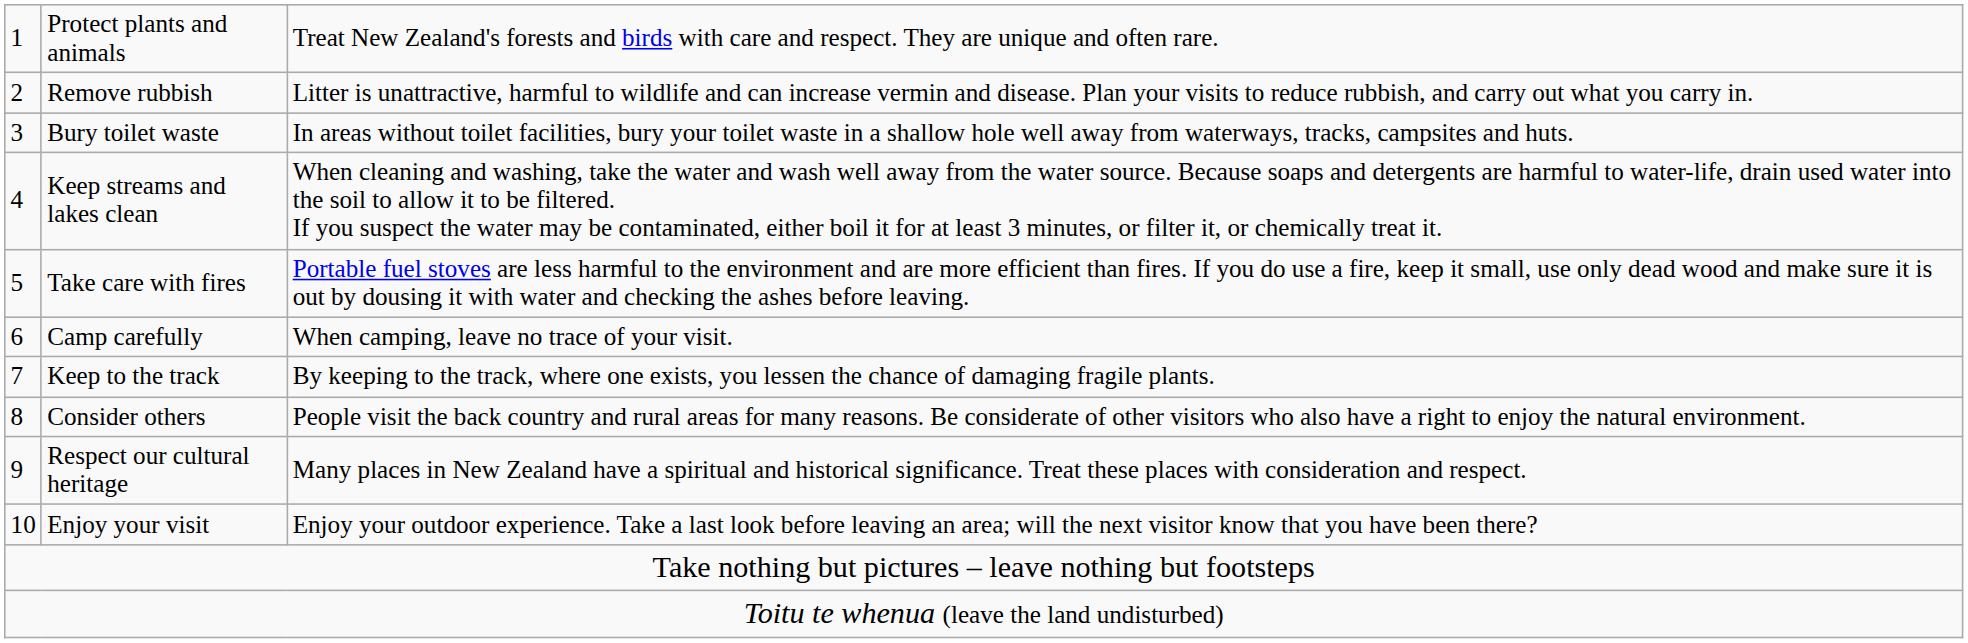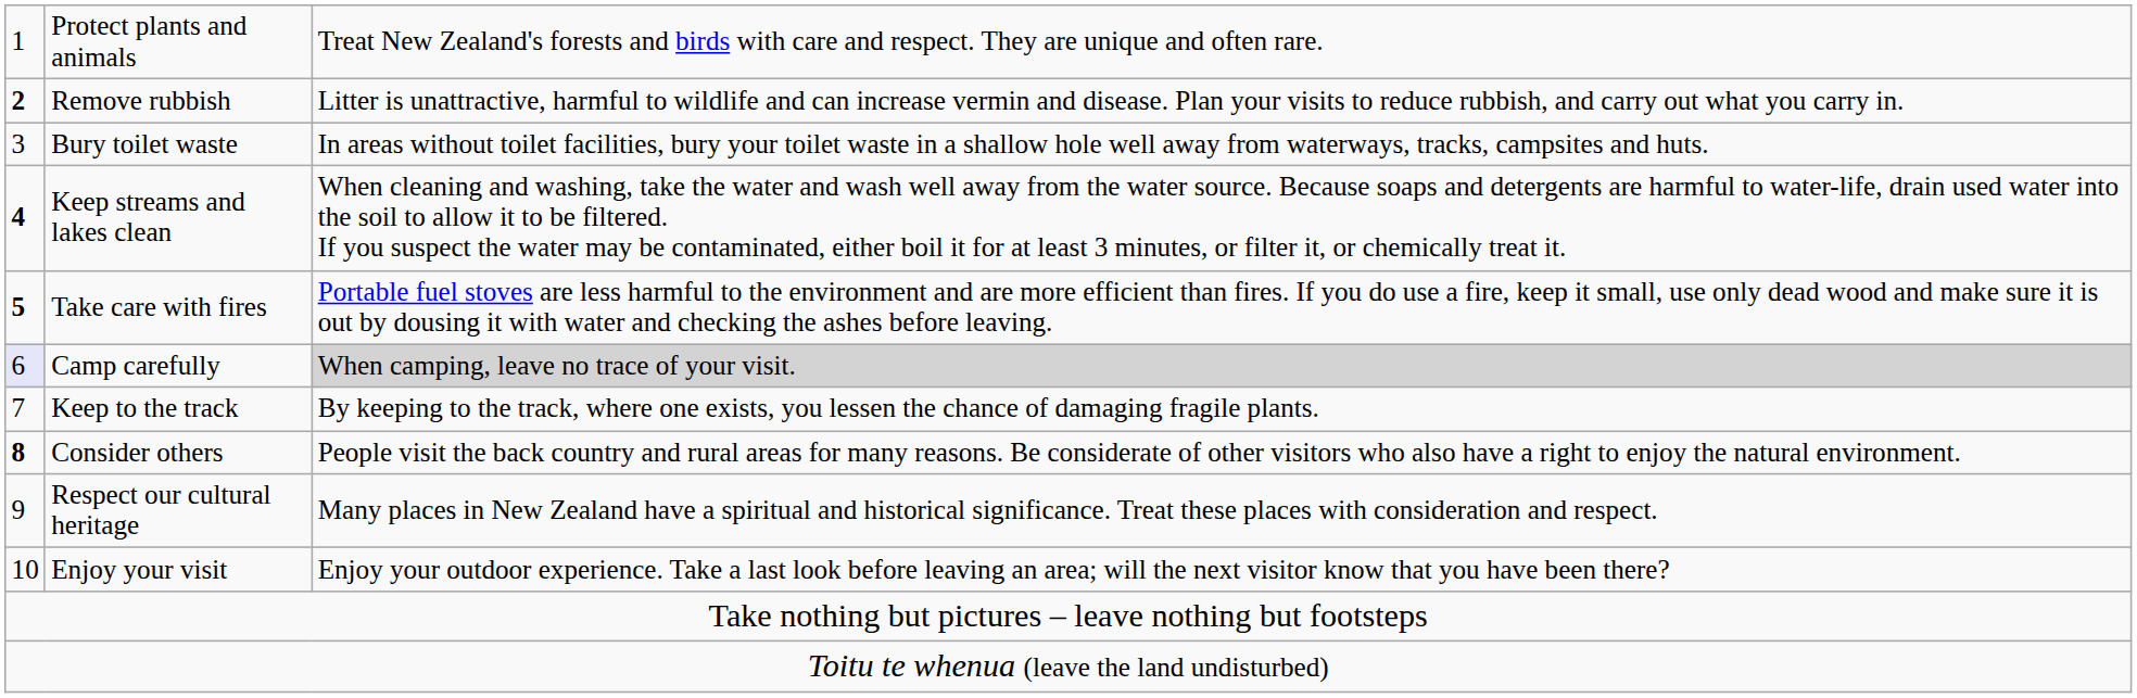 <table class="wikitable float-left">
 <tr>
 <td>1</td>
 <td>Protect plants and animals</td>
 <td>Treat New Zealand's forests and <a href='#'>birds</a> with care and respect. They are unique and often rare.</td>
 </tr>
 <tr>
-<td>2</td>
+<td><strong>2</strong></td>
 <td>Remove rubbish</td>
 <td>Litter is unattractive, harmful to wildlife and can increase vermin and disease. Plan your visits to reduce rubbish, and carry out what you carry in.</td>
 </tr>
 <tr>
 <td>3</td>
 <td>Bury toilet waste</td>
 <td>In areas without toilet facilities, bury your toilet waste in a shallow hole well away from waterways, tracks, campsites and huts.</td>
 </tr>
 <tr>
-<td>4</td>
+<td><strong>4</strong></td>
 <td>Keep streams and lakes clean</td>
 <td>When cleaning and washing, take the water and wash well away from the water source. Because soaps and detergents are harmful to water-life, drain used water into the soil to allow it to be filtered.<br>If you suspect the water may be contaminated, either boil it for at least 3 minutes, or filter it, or chemically treat it.</td>
 </tr>
 <tr>
-<td>5</td>
+<td><strong>5</strong></td>
 <td>Take care with fires</td>
 <td><a href='#'>Portable fuel stoves</a> are less harmful to the environment and are more efficient than fires. If you do use a fire, keep it small, use only dead wood and make sure it is out by dousing it with water and checking the ashes before leaving.</td>
 </tr>
 <tr>
-<td>6</td>
+<td style="background: lavender;">6</td>
 <td>Camp carefully</td>
-<td>When camping, leave no trace of your visit.</td>
+<td style="background: lightgrey;">When camping, leave no trace of your visit.</td>
 </tr>
 <tr>
 <td>7</td>
 <td>Keep to the track</td>
 <td>By keeping to the track, where one exists, you lessen the chance of damaging fragile plants.</td>
 </tr>
 <tr>
-<td>8</td>
+<td><strong>8</strong></td>
 <td>Consider others</td>
 <td>People visit the back country and rural areas for many reasons. Be considerate of other visitors who also have a right to enjoy the natural environment.</td>
 </tr>
 <tr>
 <td>9</td>
 <td>Respect our cultural heritage</td>
 <td>Many places in New Zealand have a spiritual and historical significance. Treat these places with consideration and respect.</td>
 </tr>
 <tr>
 <td>10</td>
 <td>Enjoy your visit</td>
 <td>Enjoy your outdoor experience. Take a last look before leaving an area; will the next visitor know that you have been there?</td>
 </tr>
 <tr style="text-align:center">
 <td colspan="3"><big>Take nothing but pictures – leave nothing but footsteps</big></td>
 </tr>
 <tr style="text-align:center">
 <td colspan="3"><big><em>Toitu te whenua</em> </big> (leave the land undisturbed)</td>
 </tr>
 </table>
